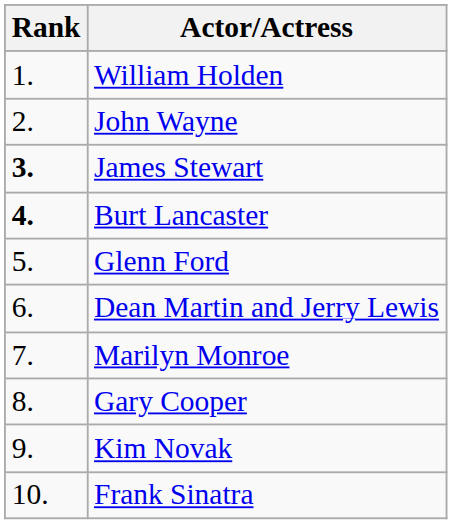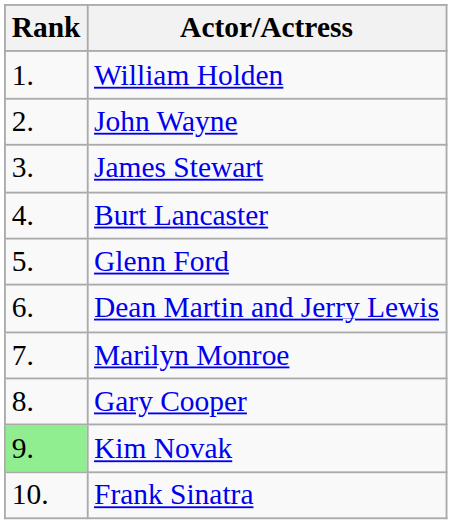 <table class="wikitable">
 <tr>
 <th>Rank</th>
 <th>Actor/Actress</th>
 </tr>
 <tr>
 <td>1.</td>
 <td><a href='#'>William Holden</a></td>
 </tr>
 <tr>
 <td>2.</td>
 <td><a href='#'>John Wayne</a></td>
 </tr>
 <tr>
-<td><strong>3.</strong></td>
+<td>3.</td>
 <td><a href='#'>James Stewart</a></td>
 </tr>
 <tr>
-<td><strong>4.</strong></td>
+<td>4.</td>
 <td><a href='#'>Burt Lancaster</a></td>
 </tr>
 <tr>
 <td>5.</td>
 <td><a href='#'>Glenn Ford</a></td>
 </tr>
 <tr>
 <td>6.</td>
 <td><a href='#'>Dean Martin and Jerry Lewis</a></td>
 </tr>
 <tr>
 <td>7.</td>
 <td><a href='#'>Marilyn Monroe</a></td>
 </tr>
 <tr>
 <td>8.</td>
 <td><a href='#'>Gary Cooper</a></td>
 </tr>
 <tr>
-<td>9.</td>
+<td style="background: lightgreen;">9.</td>
 <td><a href='#'>Kim Novak</a></td>
 </tr>
 <tr>
 <td>10.</td>
 <td><a href='#'>Frank Sinatra</a></td>
 </tr>
 </table>
